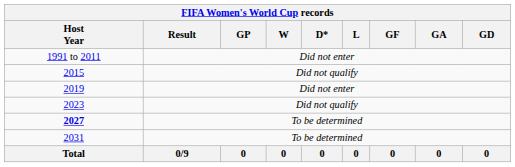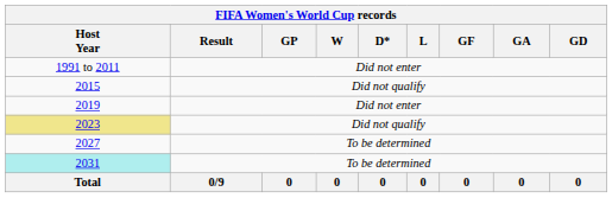 <table class="wikitable" style="text-align: center; width:50%;">
 <tr>
 <th colspan="10"><a href='#'>FIFA Women's World Cup</a> records</th>
 </tr>
 <tr>
 <th>Host<br>Year</th>
 <th>Result</th>
 <th>GP</th>
 <th>W</th>
 <th>D*</th>
 <th>L</th>
 <th>GF</th>
 <th>GA</th>
 <th>GD</th>
 </tr>
 <tr>
 <td> <a href='#'>1991</a> to  <a href='#'>2011</a></td>
 <td colspan=9><em>Did not enter</em></td>
 </tr>
 <tr>
 <td> <a href='#'>2015</a></td>
 <td colspan=9><em>Did not qualify</em></td>
 </tr>
 <tr>
 <td> <a href='#'>2019</a></td>
 <td colspan=9><em>Did not enter</em></td>
 </tr>
 <tr>
-<td> <a href='#'>2023</a></td>
+<td style="background: khaki;"> <a href='#'>2023</a></td>
 <td colspan=9><em>Did not qualify</em></td>
 </tr>
 <tr>
-<td><strong> <a href='#'>2027</a></strong></td>
+<td> <a href='#'>2027</a></td>
 <td colspan=9><em>To be determined</em></td>
 </tr>
 <tr>
-<td> <a href='#'>2031</a></td>
+<td style="background: paleturquoise;"> <a href='#'>2031</a></td>
 <td colspan=9><em>To be determined</em></td>
 </tr>
 <tr>
 <th>Total</th>
 <th>0/9</th>
 <th>0</th>
 <th>0</th>
 <th>0</th>
 <th>0</th>
 <th>0</th>
 <th>0</th>
 <th>0</th>
 </tr>
 </table>
